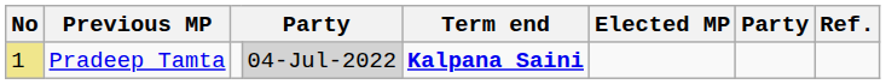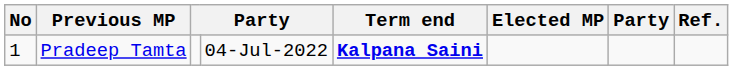 <table class="wikitable sortable">
 <tr>
 <th>No</th>
 <th>Previous MP</th>
 <th colspan="2">Party</th>
 <th>Term end</th>
 <th>Elected MP</th>
 <th colspan="2">Party</th>
 <th>Ref.</th>
 </tr>
 <tr>
-<td style="background: khaki;">1</td>
+<td>1</td>
 <td><a href='#'>Pradeep Tamta</a></td>
 <td></td>
-<td style="background: lightgrey;">04-Jul-2022</td>
+<td>04-Jul-2022</td>
 <td><strong><a href='#'>Kalpana Saini</a></strong></td>
 <td></td>
 <td></td>
 </tr>
 </table>
